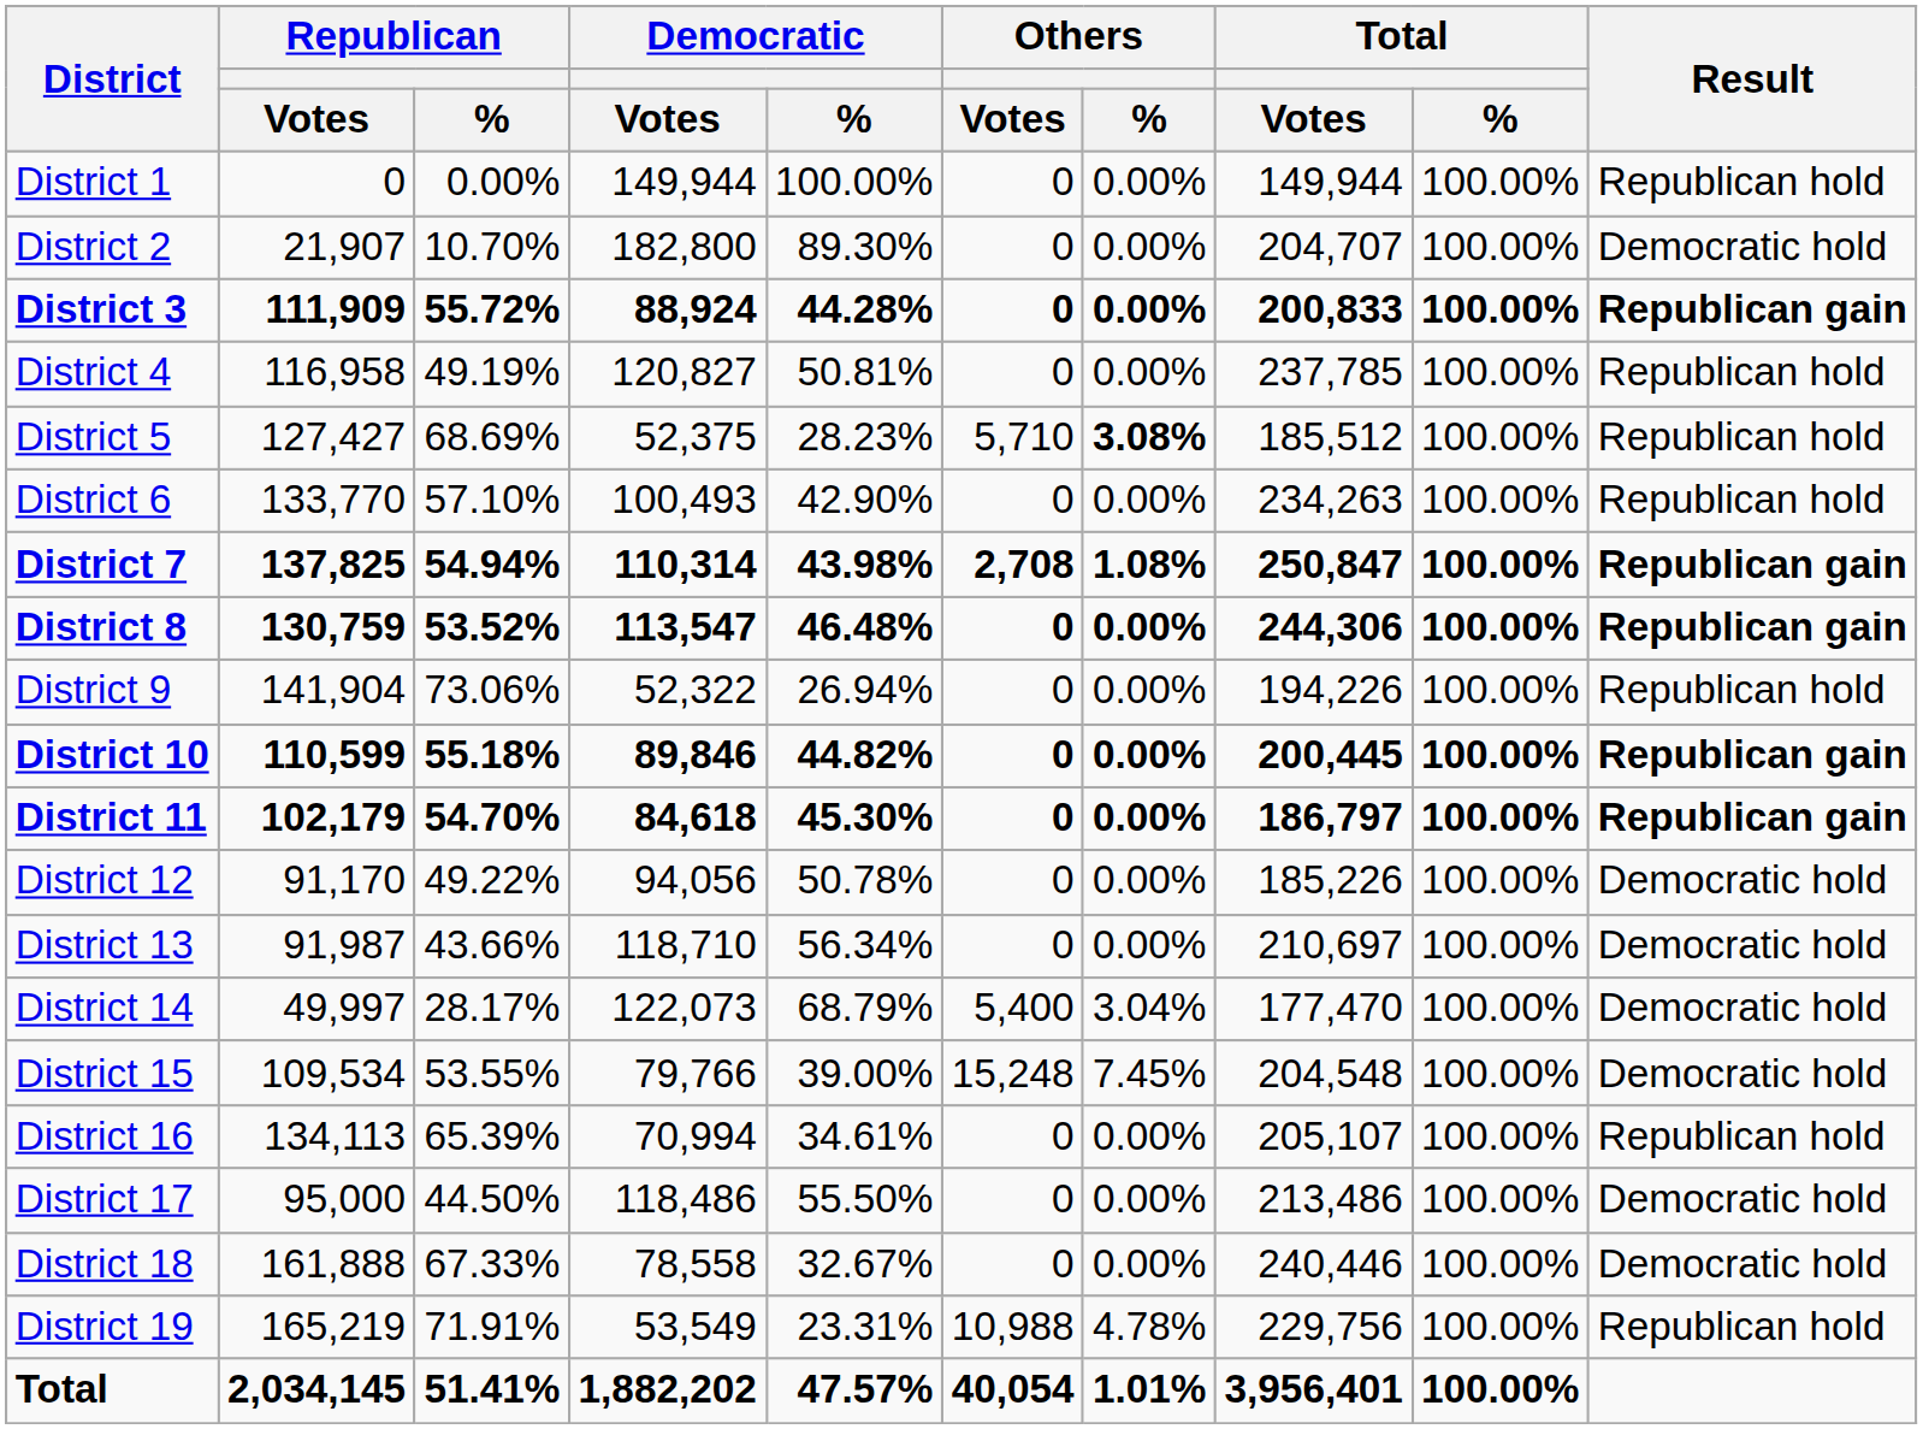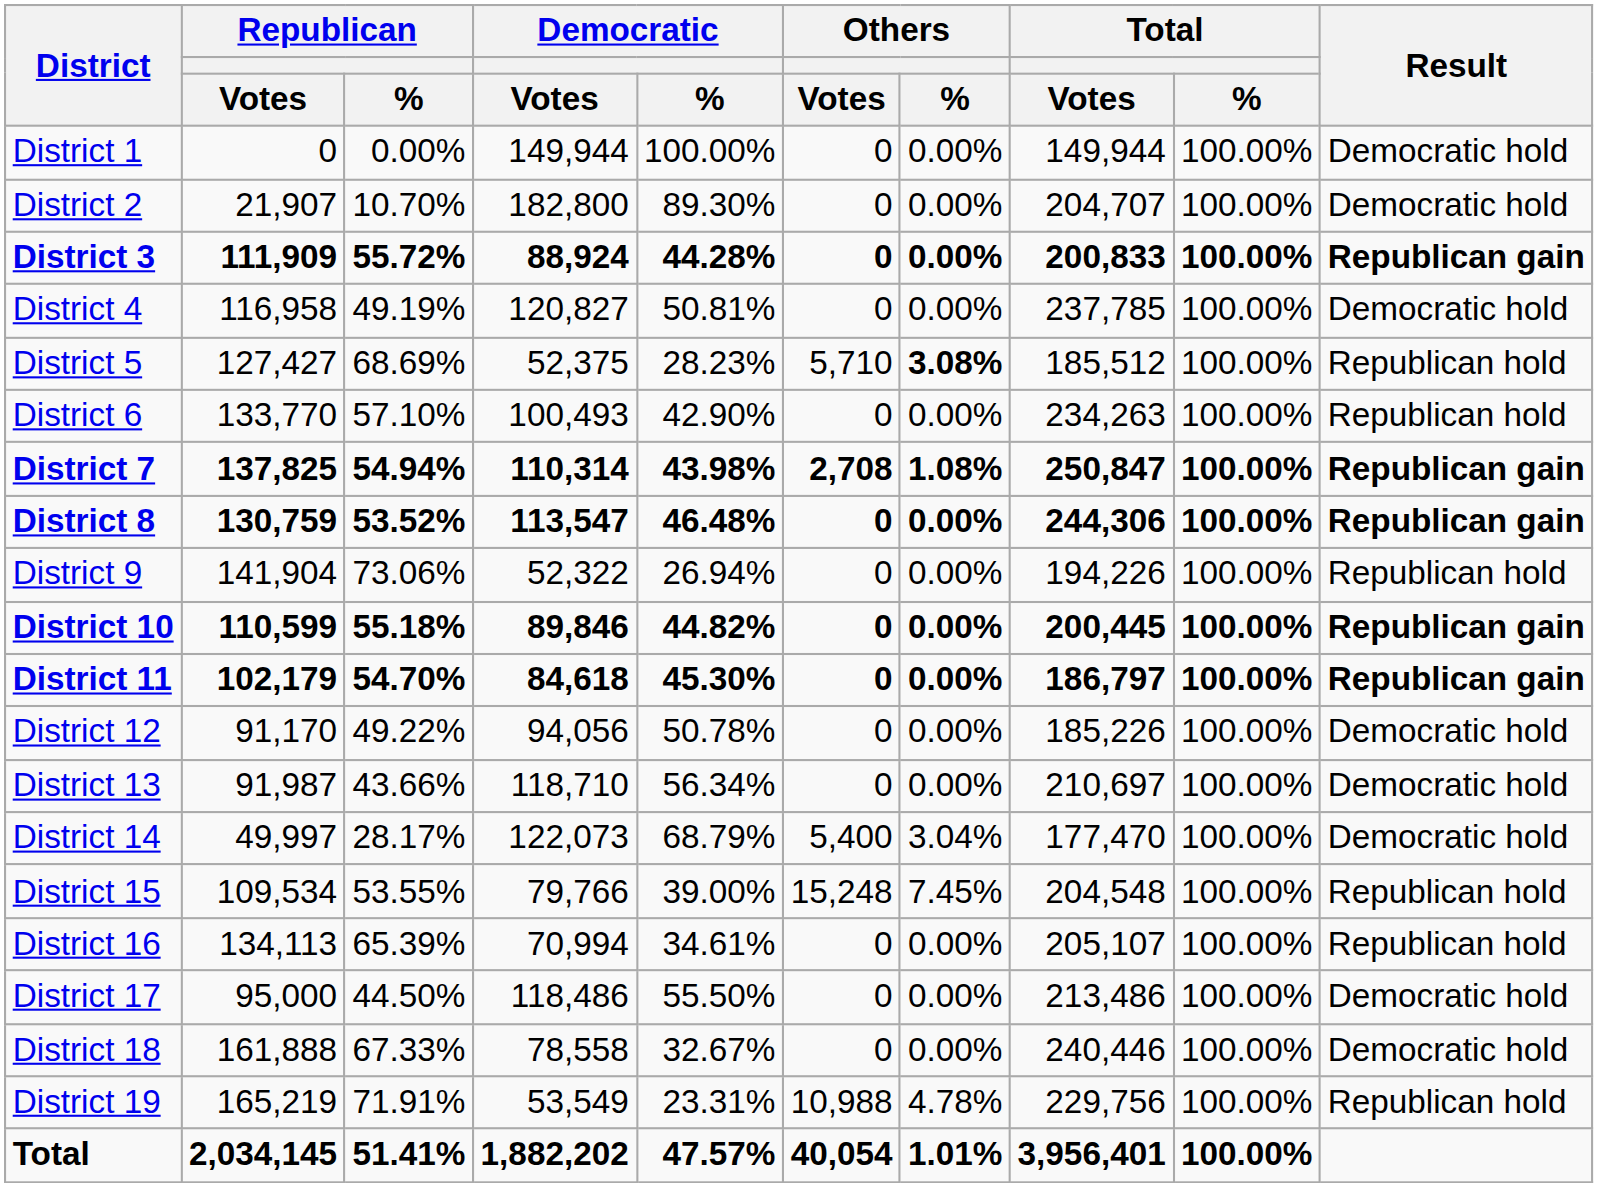 <table class="wikitable plainrowheaders sortable" style="font-size:100%; text-align:right;">
 <tr>
 <th scope=col rowspan=3><a href='#'>District</a></th>
 <th scope=col colspan=2><a href='#'>Republican</a></th>
 <th scope=col colspan=2><a href='#'>Democratic</a></th>
 <th scope=col colspan=2>Others</th>
 <th scope=col colspan=2>Total</th>
 <th scope=col rowspan=3>Result</th>
 </tr>
 <tr>
 <th scope=col colspan=2 style="background:"></th>
 <th scope=col colspan=2 style="background:"></th>
 <th scope=col colspan=2></th>
 <th scope=col colspan=2></th>
 </tr>
 <tr>
 <th scope=col data-sort-type="number">Votes</th>
 <th scope=col data-sort-type="number">%</th>
 <th scope=col data-sort-type="number">Votes</th>
 <th scope=col data-sort-type="number">%</th>
 <th scope=col data-sort-type="number">Votes</th>
 <th scope=col data-sort-type="number">%</th>
 <th scope=col data-sort-type="number">Votes</th>
 <th scope=col data-sort-type="number">%</th>
 </tr>
 <tr>
 <td align=left><a href='#'>District 1</a></td>
 <td>0</td>
 <td>0.00%</td>
 <td>149,944</td>
 <td>100.00%</td>
 <td>0</td>
 <td>0.00%</td>
 <td>149,944</td>
 <td>100.00%</td>
-<td align=left>Republican hold</td>
+<td align=left>Democratic hold</td>
 </tr>
 <tr>
 <td align=left><a href='#'>District 2</a></td>
 <td>21,907</td>
 <td>10.70%</td>
 <td>182,800</td>
 <td>89.30%</td>
 <td>0</td>
 <td>0.00%</td>
 <td>204,707</td>
 <td>100.00%</td>
 <td align=left>Democratic hold</td>
 </tr>
 <tr>
 <td align=left><strong><a href='#'>District 3</a></strong></td>
 <td><strong>111,909</strong></td>
 <td><strong>55.72%</strong></td>
 <td><strong>88,924</strong></td>
 <td><strong>44.28%</strong></td>
 <td><strong>0</strong></td>
 <td><strong>0.00%</strong></td>
 <td><strong>200,833</strong></td>
 <td><strong>100.00%</strong></td>
 <td align=left><strong>Republican gain</strong></td>
 </tr>
 <tr>
 <td align=left><a href='#'>District 4</a></td>
 <td>116,958</td>
 <td>49.19%</td>
 <td>120,827</td>
 <td>50.81%</td>
 <td>0</td>
 <td>0.00%</td>
 <td>237,785</td>
 <td>100.00%</td>
-<td align=left>Republican hold</td>
+<td align=left>Democratic hold</td>
 </tr>
 <tr>
 <td align=left><a href='#'>District 5</a></td>
 <td>127,427</td>
 <td>68.69%</td>
 <td>52,375</td>
 <td>28.23%</td>
 <td>5,710</td>
 <td><strong>3.08%</strong></td>
 <td>185,512</td>
 <td>100.00%</td>
 <td align=left>Republican hold</td>
 </tr>
 <tr>
 <td align=left><a href='#'>District 6</a></td>
 <td>133,770</td>
 <td>57.10%</td>
 <td>100,493</td>
 <td>42.90%</td>
 <td>0</td>
 <td>0.00%</td>
 <td>234,263</td>
 <td>100.00%</td>
 <td align=left>Republican hold</td>
 </tr>
 <tr>
 <td align=left><strong><a href='#'>District 7</a></strong></td>
 <td><strong>137,825</strong></td>
 <td><strong>54.94%</strong></td>
 <td><strong>110,314</strong></td>
 <td><strong>43.98%</strong></td>
 <td><strong>2,708</strong></td>
 <td><strong>1.08%</strong></td>
 <td><strong>250,847</strong></td>
 <td><strong>100.00%</strong></td>
 <td align=left><strong>Republican gain</strong></td>
 </tr>
 <tr>
 <td align=left><strong><a href='#'>District 8</a></strong></td>
 <td><strong>130,759</strong></td>
 <td><strong>53.52%</strong></td>
 <td><strong>113,547</strong></td>
 <td><strong>46.48%</strong></td>
 <td><strong>0</strong></td>
 <td><strong>0.00%</strong></td>
 <td><strong>244,306</strong></td>
 <td><strong>100.00%</strong></td>
 <td align=left><strong>Republican gain</strong></td>
 </tr>
 <tr>
 <td align=left><a href='#'>District 9</a></td>
 <td>141,904</td>
 <td>73.06%</td>
 <td>52,322</td>
 <td>26.94%</td>
 <td>0</td>
 <td>0.00%</td>
 <td>194,226</td>
 <td>100.00%</td>
 <td align=left>Republican hold</td>
 </tr>
 <tr>
 <td align=left><strong><a href='#'>District 10</a></strong></td>
 <td><strong>110,599</strong></td>
 <td><strong>55.18%</strong></td>
 <td><strong>89,846</strong></td>
 <td><strong>44.82%</strong></td>
 <td><strong>0</strong></td>
 <td><strong>0.00%</strong></td>
 <td><strong>200,445</strong></td>
 <td><strong>100.00%</strong></td>
 <td align=left><strong>Republican gain</strong></td>
 </tr>
 <tr>
 <td align=left><strong><a href='#'>District 11</a></strong></td>
 <td><strong>102,179</strong></td>
 <td><strong>54.70%</strong></td>
 <td><strong>84,618</strong></td>
 <td><strong>45.30%</strong></td>
 <td><strong>0</strong></td>
 <td><strong>0.00%</strong></td>
 <td><strong>186,797</strong></td>
 <td><strong>100.00%</strong></td>
 <td align=left><strong>Republican gain</strong></td>
 </tr>
 <tr>
 <td align=left><a href='#'>District 12</a></td>
 <td>91,170</td>
 <td>49.22%</td>
 <td>94,056</td>
 <td>50.78%</td>
 <td>0</td>
 <td>0.00%</td>
 <td>185,226</td>
 <td>100.00%</td>
 <td align=left>Democratic hold</td>
 </tr>
 <tr>
 <td align=left><a href='#'>District 13</a></td>
 <td>91,987</td>
 <td>43.66%</td>
 <td>118,710</td>
 <td>56.34%</td>
 <td>0</td>
 <td>0.00%</td>
 <td>210,697</td>
 <td>100.00%</td>
 <td align=left>Democratic hold</td>
 </tr>
 <tr>
 <td align=left><a href='#'>District 14</a></td>
 <td>49,997</td>
 <td>28.17%</td>
 <td>122,073</td>
 <td>68.79%</td>
 <td>5,400</td>
 <td>3.04%</td>
 <td>177,470</td>
 <td>100.00%</td>
 <td align=left>Democratic hold</td>
 </tr>
 <tr>
 <td align=left><a href='#'>District 15</a></td>
 <td>109,534</td>
 <td>53.55%</td>
 <td>79,766</td>
 <td>39.00%</td>
 <td>15,248</td>
 <td>7.45%</td>
 <td>204,548</td>
 <td>100.00%</td>
-<td align=left>Democratic hold</td>
+<td align=left>Republican hold</td>
 </tr>
 <tr>
 <td align=left><a href='#'>District 16</a></td>
 <td>134,113</td>
 <td>65.39%</td>
 <td>70,994</td>
 <td>34.61%</td>
 <td>0</td>
 <td>0.00%</td>
 <td>205,107</td>
 <td>100.00%</td>
 <td align=left>Republican hold</td>
 </tr>
 <tr>
 <td align=left><a href='#'>District 17</a></td>
 <td>95,000</td>
 <td>44.50%</td>
 <td>118,486</td>
 <td>55.50%</td>
 <td>0</td>
 <td>0.00%</td>
 <td>213,486</td>
 <td>100.00%</td>
 <td align=left>Democratic hold</td>
 </tr>
 <tr>
 <td align=left><a href='#'>District 18</a></td>
 <td>161,888</td>
 <td>67.33%</td>
 <td>78,558</td>
 <td>32.67%</td>
 <td>0</td>
 <td>0.00%</td>
 <td>240,446</td>
 <td>100.00%</td>
 <td align=left>Democratic hold</td>
 </tr>
 <tr>
 <td align=left><a href='#'>District 19</a></td>
 <td>165,219</td>
 <td>71.91%</td>
 <td>53,549</td>
 <td>23.31%</td>
 <td>10,988</td>
 <td>4.78%</td>
 <td>229,756</td>
 <td>100.00%</td>
 <td align=left>Republican hold</td>
 </tr>
 <tr class="sortbottom" style="font-weight:bold">
 <td align=left>Total</td>
 <td>2,034,145</td>
 <td>51.41%</td>
 <td>1,882,202</td>
 <td>47.57%</td>
 <td>40,054</td>
 <td>1.01%</td>
 <td>3,956,401</td>
 <td>100.00%</td>
 <td></td>
 </tr>
 </table>
